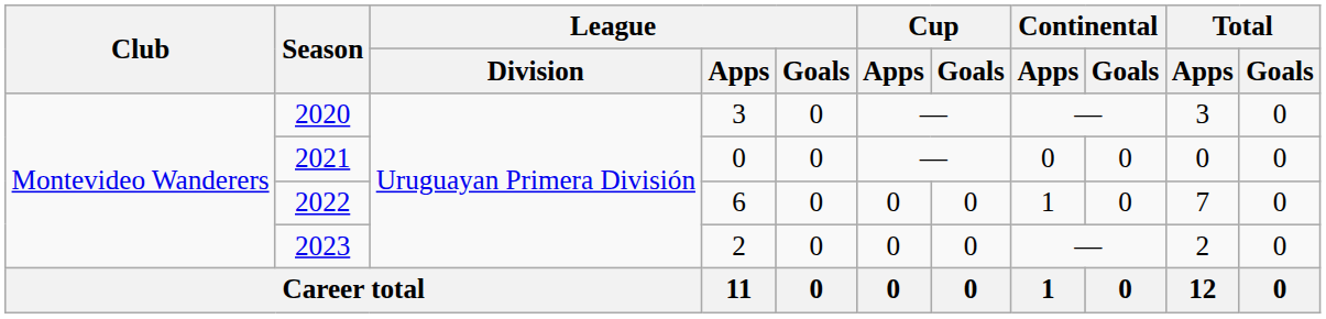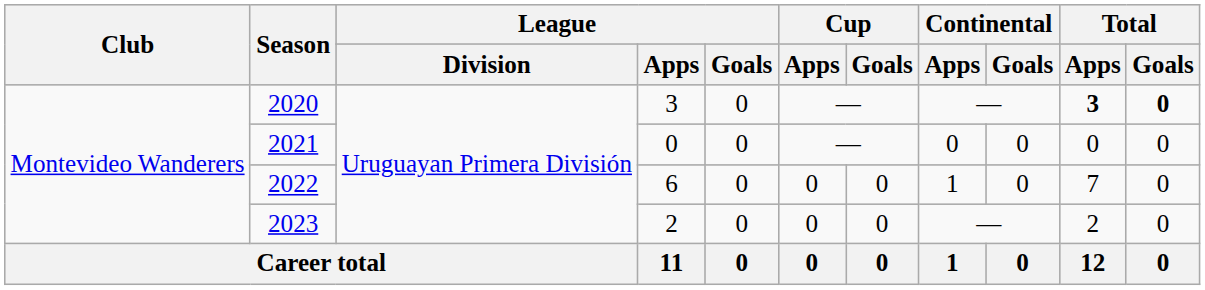 <table class="wikitable" Style="text-align: center">
 <tr>
 <th rowspan="2">Club</th>
 <th rowspan="2">Season</th>
 <th colspan="3">League</th>
 <th colspan="2">Cup</th>
 <th colspan="2">Continental</th>
 <th colspan="2">Total</th>
 </tr>
 <tr>
 <th>Division</th>
 <th>Apps</th>
 <th>Goals</th>
 <th>Apps</th>
 <th>Goals</th>
 <th>Apps</th>
 <th>Goals</th>
 <th>Apps</th>
 <th>Goals</th>
 </tr>
 <tr>
 <td rowspan="4"><a href='#'>Montevideo Wanderers</a></td>
 <td><a href='#'>2020</a></td>
 <td rowspan="4"><a href='#'>Uruguayan Primera División</a></td>
 <td>3</td>
 <td>0</td>
 <td colspan="2">—</td>
 <td colspan="2">—</td>
-<td>3</td>
-<td>0</td>
+<td><strong>3</strong></td>
+<td><strong>0</strong></td>
 </tr>
 <tr>
 <td><a href='#'>2021</a></td>
 <td>0</td>
 <td>0</td>
 <td colspan="2">—</td>
 <td>0</td>
 <td>0</td>
 <td>0</td>
 <td>0</td>
 </tr>
 <tr>
 <td><a href='#'>2022</a></td>
 <td>6</td>
 <td>0</td>
 <td>0</td>
 <td>0</td>
 <td>1</td>
 <td>0</td>
 <td>7</td>
 <td>0</td>
 </tr>
 <tr>
 <td><a href='#'>2023</a></td>
 <td>2</td>
 <td>0</td>
 <td>0</td>
 <td>0</td>
 <td colspan="2">—</td>
 <td>2</td>
 <td>0</td>
 </tr>
 <tr>
 <th colspan="3">Career total</th>
 <th>11</th>
 <th>0</th>
 <th>0</th>
 <th>0</th>
 <th>1</th>
 <th>0</th>
 <th>12</th>
 <th>0</th>
 </tr>
 </table>
